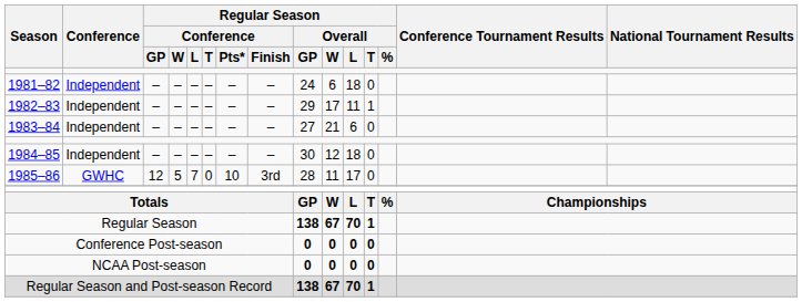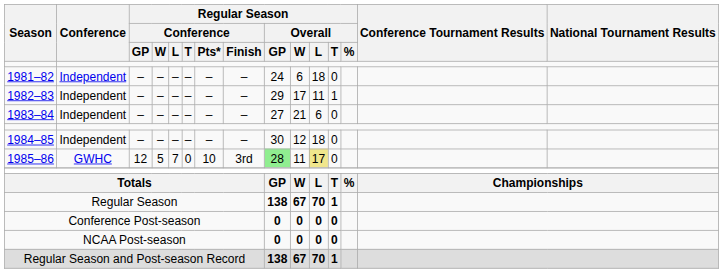 <table class="wikitable" style="text-align: center; font-size: 95%">
 <tr>
 <th rowspan="3">Season</th>
 <th rowspan="3">Conference</th>
 <th colspan="11">Regular Season</th>
 <th rowspan="3">Conference Tournament Results</th>
 <th rowspan="3">National Tournament Results</th>
 </tr>
 <tr>
 <th colspan="6">Conference</th>
 <th colspan="5">Overall</th>
 </tr>
 <tr>
 <th>GP</th>
 <th>W</th>
 <th>L</th>
 <th>T</th>
 <th>Pts*</th>
 <th>Finish</th>
 <th>GP</th>
 <th>W</th>
 <th>L</th>
 <th>T</th>
 <th>%</th>
 </tr>
 <tr>
 <td><a href='#'></a> </td>
 </tr>
 <tr>
 <td><a href='#'>1981–82</a></td>
 <td><a href='#'>Independent</a></td>
 <td>–</td>
 <td>–</td>
 <td>–</td>
 <td>–</td>
 <td>–</td>
 <td>–</td>
 <td>24</td>
 <td>6</td>
 <td>18</td>
 <td>0</td>
 <td></td>
 <td align="left"></td>
 <td align="left"></td>
 </tr>
 <tr>
 <td><a href='#'>1982–83</a></td>
 <td>Independent</td>
 <td>–</td>
 <td>–</td>
 <td>–</td>
 <td>–</td>
 <td>–</td>
 <td>–</td>
 <td>29</td>
 <td>17</td>
 <td>11</td>
 <td>1</td>
 <td></td>
 <td align="left"></td>
 <td align="left"></td>
 </tr>
 <tr>
 <td><a href='#'>1983–84</a></td>
 <td>Independent</td>
 <td>–</td>
 <td>–</td>
 <td>–</td>
 <td>–</td>
 <td>–</td>
 <td>–</td>
 <td>27</td>
 <td>21</td>
 <td>6</td>
 <td>0</td>
 <td></td>
 <td align="left"></td>
 <td align="left"></td>
 </tr>
 <tr>
 <td><a href='#'></a> </td>
 </tr>
 <tr>
 <td><a href='#'>1984–85</a></td>
 <td>Independent</td>
 <td>–</td>
 <td>–</td>
 <td>–</td>
 <td>–</td>
 <td>–</td>
 <td>–</td>
 <td>30</td>
 <td>12</td>
 <td>18</td>
 <td>0</td>
 <td></td>
 <td align="left"></td>
 <td align="left"></td>
 </tr>
 <tr>
 <td><a href='#'>1985–86</a></td>
 <td><a href='#'>GWHC</a></td>
 <td>12</td>
 <td>5</td>
 <td>7</td>
 <td>0</td>
 <td>10</td>
 <td>3rd</td>
-<td>28</td>
+<td style="background: lightgreen;">28</td>
 <td>11</td>
-<td>17</td>
+<td style="background: khaki;">17</td>
 <td>0</td>
 <td></td>
 <td align="left"></td>
 <td align="left"></td>
 </tr>
 <tr>
 </tr>
 <tr ->
 </tr>
 <tr>
 <td colspan="16" style="background:#fff;"></td>
 </tr>
 <tr>
 <th colspan="8">Totals</th>
 <th>GP</th>
 <th>W</th>
 <th>L</th>
 <th>T</th>
 <th>%</th>
 <th colspan="2">Championships</th>
 </tr>
 <tr>
 <td colspan="8">Regular Season</td>
 <td><strong>138</strong></td>
 <td><strong>67</strong></td>
 <td><strong>70</strong></td>
 <td><strong>1</strong></td>
 <td><strong></strong></td>
 <td colspan="2" align="left"></td>
 </tr>
 <tr>
 <td colspan="8">Conference Post-season</td>
 <td><strong>0</strong></td>
 <td><strong>0</strong></td>
 <td><strong>0</strong></td>
 <td><strong>0</strong></td>
 <td><strong></strong></td>
 <td colspan="2" align="left"></td>
 </tr>
 <tr>
 <td colspan="8">NCAA Post-season</td>
 <td><strong>0</strong></td>
 <td><strong>0</strong></td>
 <td><strong>0</strong></td>
 <td><strong>0</strong></td>
 <td><strong></strong></td>
 <td colspan="2" align="left"></td>
 </tr>
 <tr bgcolor=dddddd>
 <td colspan="8">Regular Season and Post-season Record</td>
 <td><strong>138</strong></td>
 <td><strong>67</strong></td>
 <td><strong>70</strong></td>
 <td><strong>1</strong></td>
 <td><strong></strong></td>
 <td colspan="2" align="left"></td>
 </tr>
 </table>
